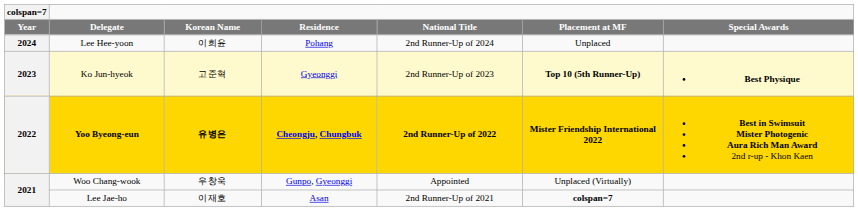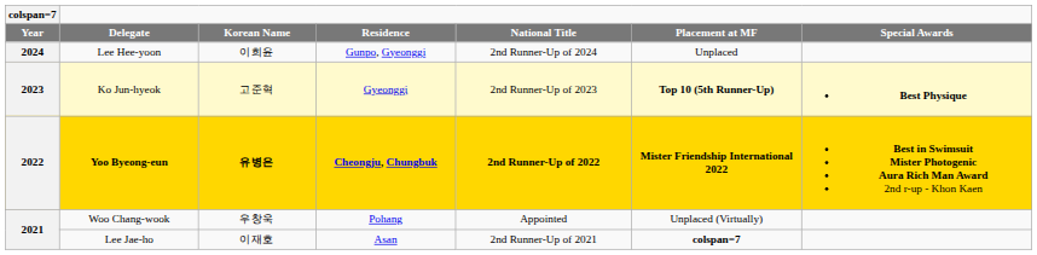 <table class="wikitable sortable" style="font-size: 85%; text-align:center">
 <tr>
 <th>colspan=7 </th>
 </tr>
 <tr>
 <th width="60" style="background-color:#787878;color:#FFFFFF;">Year</th>
 <th width="180" style="background-color:#787878;color:#FFFFFF;">Delegate</th>
 <th width="150" style="background-color:#787878;color:#FFFFFF;">Korean Name</th>
 <th width="180" style="background-color:#787878;color:#FFFFFF;">Residence</th>
 <th width="230" style="background-color:#787878;color:#FFFFFF;">National Title</th>
 <th width="220" style="background-color:#787878;color:#FFFFFF;">Placement at MF</th>
 <th width="300" style="background-color:#787878;color:#FFFFFF;">Special Awards</th>
 </tr>
 <tr>
 <th>2024</th>
 <td>Lee Hee-yoon</td>
 <td>이희윤</td>
-<td><a href='#'>Pohang</a></td>
+<td><a href='#'>Gunpo</a>, <a href='#'>Gyeonggi</a></td>
 <td>2nd Runner-Up of 2024</td>
 <td>Unplaced</td>
 </tr>
 <tr style="background-color:#FFFACD;">
 <th>2023</th>
 <td>Ko Jun-hyeok</td>
 <td>고준혁</td>
 <td><a href='#'>Gyeonggi</a></td>
 <td>2nd Runner-Up of 2023</td>
 <td><strong>Top 10 (5th Runner-Up)</strong></td>
 <td><br><ul><li><strong>Best Physique</strong></li></ul></td>
 </tr>
 <tr style="background-color:GOLD;">
 <th><strong>2022</strong></th>
 <td><strong>Yoo Byeong-eun</strong></td>
 <td><strong>유병은</strong></td>
 <td><strong><a href='#'>Cheongju</a>, <a href='#'>Chungbuk</a></strong></td>
 <td><strong>2nd Runner-Up of 2022</strong></td>
 <td><strong>Mister Friendship International 2022</strong></td>
 <td><br><ul><li><strong>Best in Swimsuit</strong></li><li><strong>Mister Photogenic</strong></li><li><strong>Aura Rich Man Award</strong></li><li>2nd r-up - Khon Kaen</li></ul></td>
 </tr>
 <tr>
 <th rowspan="2">2021</th>
 <td>Woo Chang-wook</td>
 <td>우창욱</td>
-<td><a href='#'>Gunpo</a>, <a href='#'>Gyeonggi</a></td>
+<td><a href='#'>Pohang</a></td>
 <td>Appointed</td>
 <td>Unplaced (Virtually)</td>
 <td></td>
 </tr>
 <tr>
 <td>Lee Jae-ho</td>
 <td>이재호</td>
 <td><a href='#'>Asan</a></td>
 <td>2nd Runner-Up of 2021</td>
 <td><strong>colspan=7 </strong></td>
 </tr>
 </table>
